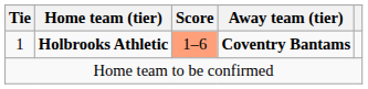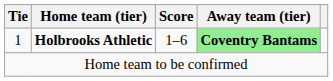 <table class="wikitable" style="text-align:center; font-size:85%">
 <tr>
 <th>Tie</th>
 <th>Home team (tier)</th>
 <th>Score</th>
 <th>Away team (tier)</th>
 <th></th>
 </tr>
 <tr>
 <td align="center">1</td>
 <td><strong>Holbrooks Athletic</strong></td>
-<td align="center" style="background: lightsalmon;">1–6</td>
-<td><strong>Coventry Bantams</strong></td>
+<td align="center">1–6</td>
+<td style="background: lightgreen;"><strong>Coventry Bantams</strong></td>
 <td></td>
 </tr>
 <tr>
 <td colspan="5" align="center">Home team to be confirmed</td>
 </tr>
 </table>
